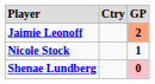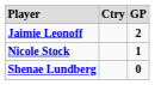 <table class="wikitable">
 <tr align="center" style="font-weight:bold; background-color:#dddddd;" |>
 <td align="left">Player</td>
 <td>Ctry</td>
 <td>GP</td>
 </tr>
 <tr align="center">
 <td align="left"><strong><a href='#'>Jaimie Leonoff</a></strong></td>
 <td></td>
-<td style="background: lightsalmon;"><strong>2</strong></td>
+<td><strong>2</strong></td>
 </tr>
 <tr align="center">
 <td align="left"><strong><a href='#'>Nicole Stock</a></strong></td>
 <td></td>
 <td><strong>1</strong></td>
 </tr>
 <tr align="center">
 <td align="left"><strong><a href='#'>Shenae Lundberg</a></strong></td>
 <td></td>
-<td style="background: pink;"><strong>0</strong></td>
+<td><strong>0</strong></td>
 </tr>
 </table>
